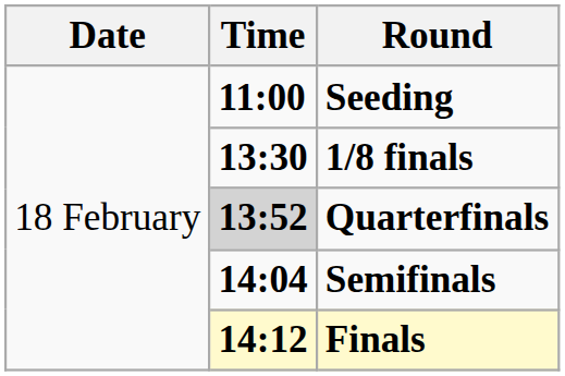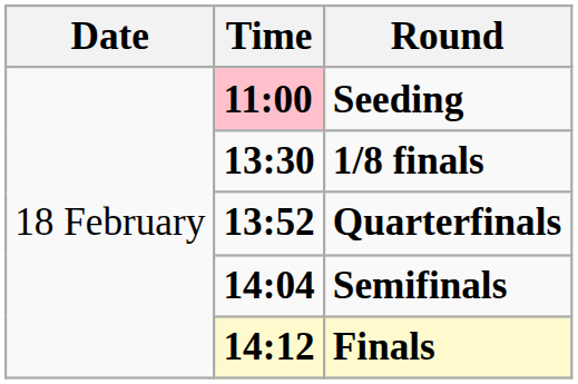 <table class="wikitable">
 <tr>
 <th>Date</th>
 <th>Time</th>
 <th>Round</th>
 </tr>
 <tr>
 <td rowspan=5>18 February</td>
-<td><strong>11:00</strong></td>
+<td style="background: pink;"><strong>11:00</strong></td>
 <td><strong>Seeding</strong></td>
 </tr>
 <tr>
 <td><strong>13:30</strong></td>
 <td><strong>1/8 finals</strong></td>
 </tr>
 <tr>
-<td style="background: lightgrey;"><strong>13:52</strong></td>
+<td><strong>13:52</strong></td>
 <td><strong>Quarterfinals</strong></td>
 </tr>
 <tr>
 <td><strong>14:04</strong></td>
 <td><strong>Semifinals</strong></td>
 </tr>
 <tr style=background:lemonchiffon>
 <td><strong>14:12</strong></td>
 <td><strong>Finals</strong></td>
 </tr>
 </table>
